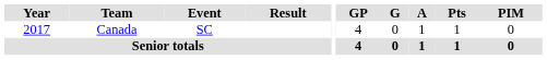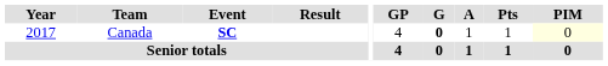 <table border="0" cellpadding="1" cellspacing="0" ID="Table3" style="text-align:center; width:40em">
 <tr ALIGN="center" bgcolor="#e0e0e0">
 <th>Year</th>
 <th>Team</th>
 <th>Event</th>
 <th>Result</th>
 <th rowspan="99" bgcolor="#ffffff"></th>
 <th>GP</th>
 <th>G</th>
 <th>A</th>
 <th>Pts</th>
 <th>PIM</th>
 </tr>
 <tr>
 <td><a href='#'>2017</a></td>
 <td><a href='#'>Canada</a></td>
-<td><a href='#'>SC</a></td>
+<td><strong><a href='#'>SC</a></strong></td>
 <td></td>
 <td>4</td>
-<td>0</td>
+<td><strong>0</strong></td>
 <td>1</td>
 <td>1</td>
-<td>0</td>
+<td style="background: lightyellow;">0</td>
 </tr>
 <tr bgcolor="#e0e0e0">
 <th colspan="4">Senior totals</th>
 <th>4</th>
 <th>0</th>
 <th>1</th>
 <th>1</th>
 <th>0</th>
 </tr>
 </table>
